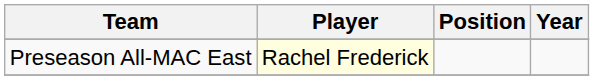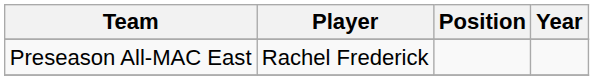 <table class="wikitable" border="1">
 <tr align=center>
 <th style= >Team</th>
 <th style= >Player</th>
 <th style= >Position</th>
 <th style= >Year</th>
 </tr>
 <tr align="center">
 </tr>
 <tr>
 <td>Preseason All-MAC East</td>
-<td style="background: lightyellow;">Rachel Frederick</td>
+<td>Rachel Frederick</td>
 <td></td>
 <td></td>
 </tr>
 <tr>
 </tr>
 </table>
